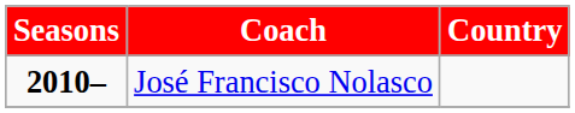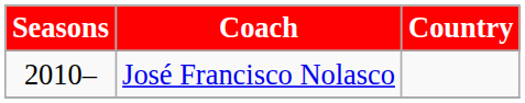 <table class="wikitable" style="text-align: center;">
 <tr>
 <th style="color:white; background:red">Seasons</th>
 <th style="color:white; background:red">Coach</th>
 <th style="color:white; background:red">Country</th>
 </tr>
 <tr>
-<td style="text-align: center"><strong>2010–</strong></td>
+<td style="text-align: center">2010–</td>
 <td style="text-align: center"><a href='#'>José Francisco Nolasco</a></td>
 <td style="text-align: center"></td>
 </tr>
 <tr>
 </tr>
 </table>
